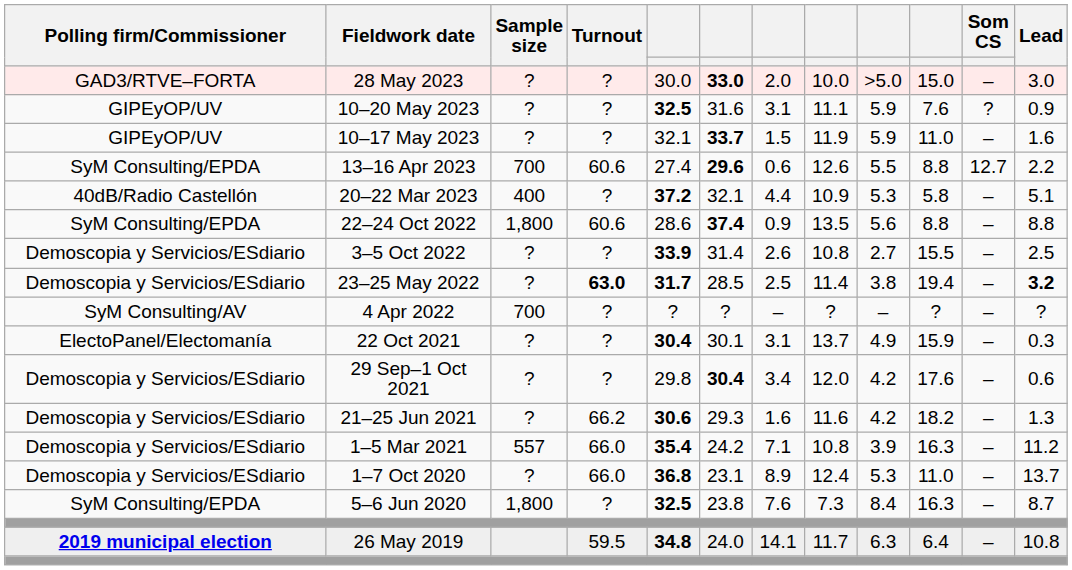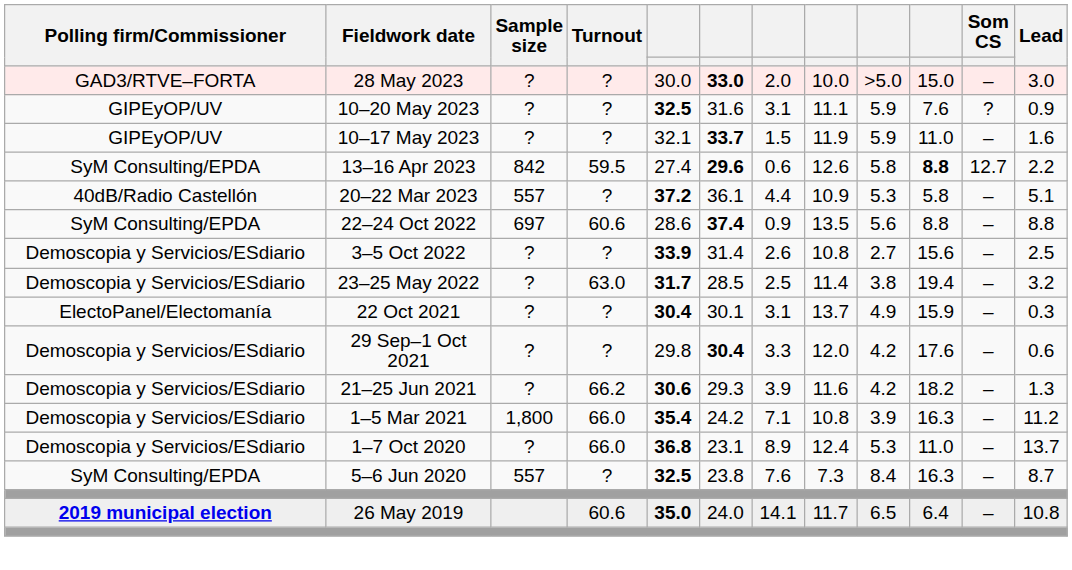 <table class="wikitable collapsible collapsed" style="text-align:center; font-size:95%; line-height:16px;">
 <tr style="height:42px;">
 <th style="width:250px;" rowspan="2">Polling firm/Commissioner</th>
 <th style="width:125px;" rowspan="2">Fieldwork date</th>
 <th style="width:50px;" rowspan="2">Sample size</th>
 <th style="width:45px;" rowspan="2">Turnout</th>
 <th style="width:35px;"></th>
 <th style="width:35px;"></th>
 <th style="width:35px;"></th>
 <th style="width:35px;"></th>
 <th style="width:35px;"></th>
 <th style="width:35px;"></th>
 <th style="width:35px;">Som<br>CS</th>
 <th style="width:30px;" rowspan="2">Lead</th>
 </tr>
 <tr>
 <th style="color:inherit;background:"></th>
 <th style="color:inherit;background:"></th>
 <th style="color:inherit;background:"></th>
 <th style="color:inherit;background:"></th>
 <th style="color:inherit;background:"></th>
 <th style="color:inherit;background:"></th>
 <th style="color:inherit;background:"></th>
 </tr>
 <tr style="background:#FFEAEA;">
 <td>GAD3/RTVE–FORTA</td>
 <td>28 May 2023</td>
 <td>?</td>
 <td>?</td>
 <td>30.0<br></td>
 <td><strong>33.0</strong><br></td>
 <td>2.0<br></td>
 <td>10.0<br></td>
 <td>>5.0<br></td>
 <td>15.0<br></td>
 <td>–</td>
 <td style="background:">3.0</td>
 </tr>
 <tr>
 <td>GIPEyOP/UV</td>
 <td>10–20 May 2023</td>
 <td>?</td>
 <td>?</td>
 <td><strong>32.5</strong><br></td>
 <td>31.6<br></td>
 <td>3.1<br></td>
 <td>11.1<br></td>
 <td>5.9<br></td>
 <td>7.6<br></td>
 <td>?<br></td>
 <td style="background:">0.9</td>
 </tr>
 <tr>
 <td>GIPEyOP/UV</td>
 <td>10–17 May 2023</td>
 <td>?</td>
 <td>?</td>
 <td>32.1<br></td>
 <td><strong>33.7</strong><br></td>
 <td>1.5<br></td>
 <td>11.9<br></td>
 <td>5.9<br></td>
 <td>11.0<br></td>
 <td>–</td>
 <td style="background:">1.6</td>
 </tr>
 <tr>
 <td>SyM Consulting/EPDA</td>
 <td>13–16 Apr 2023</td>
-<td>700</td>
-<td>60.6</td>
+<td>842</td>
+<td>59.5</td>
 <td>27.4<br></td>
 <td><strong>29.6</strong><br></td>
 <td>0.6<br></td>
 <td>12.6<br></td>
-<td>5.5<br></td>
-<td>8.8<br></td>
+<td>5.8<br></td>
+<td><strong>8.8<br></strong></td>
 <td>12.7<br></td>
 <td style="background:">2.2</td>
 </tr>
 <tr>
 <td>40dB/Radio Castellón</td>
 <td>20–22 Mar 2023</td>
-<td>400</td>
+<td>557</td>
 <td>?</td>
 <td><strong>37.2</strong><br></td>
-<td>32.1<br></td>
+<td>36.1<br></td>
 <td>4.4<br></td>
 <td>10.9<br></td>
 <td>5.3<br></td>
 <td>5.8<br></td>
 <td>–</td>
 <td style="background:">5.1</td>
 </tr>
 <tr>
 <td>SyM Consulting/EPDA</td>
 <td>22–24 Oct 2022</td>
-<td>1,800</td>
+<td>697</td>
 <td>60.6</td>
 <td>28.6<br></td>
 <td><strong>37.4</strong><br></td>
 <td>0.9<br></td>
 <td>13.5<br></td>
 <td>5.6<br></td>
 <td>8.8<br></td>
 <td>–</td>
 <td style="background:">8.8</td>
 </tr>
 <tr>
 <td>Demoscopia y Servicios/ESdiario</td>
 <td>3–5 Oct 2022</td>
 <td>?</td>
 <td>?</td>
 <td><strong>33.9</strong><br></td>
 <td>31.4<br></td>
 <td>2.6<br></td>
 <td>10.8<br></td>
 <td>2.7<br></td>
-<td>15.5<br></td>
+<td>15.6<br></td>
 <td>–</td>
 <td style="background:">2.5</td>
 </tr>
 <tr>
 <td>Demoscopia y Servicios/ESdiario</td>
 <td>23–25 May 2022</td>
 <td>?</td>
-<td><strong>63.0</strong></td>
+<td>63.0</td>
 <td><strong>31.7</strong><br></td>
 <td>28.5<br></td>
 <td>2.5<br></td>
 <td>11.4<br></td>
 <td>3.8<br></td>
 <td>19.4<br></td>
 <td>–</td>
-<td style="background:"><strong>3.2</strong></td>
-</tr>
-<tr>
-<td>SyM Consulting/AV</td>
-<td>4 Apr 2022</td>
-<td>700</td>
-<td>?</td>
-<td>?<br></td>
-<td>?<br></td>
-<td>–</td>
-<td>?<br></td>
-<td>–</td>
-<td>?<br></td>
-<td>–</td>
-<td style="background:">?</td>
+<td style="background:">3.2</td>
 </tr>
 <tr>
 <td>ElectoPanel/Electomanía</td>
 <td>22 Oct 2021</td>
 <td>?</td>
 <td>?</td>
 <td><strong>30.4</strong><br></td>
 <td>30.1<br></td>
 <td>3.1<br></td>
 <td>13.7<br></td>
 <td>4.9<br></td>
 <td>15.9<br></td>
 <td>–</td>
 <td style="background:">0.3</td>
 </tr>
 <tr>
 <td>Demoscopia y Servicios/ESdiario</td>
 <td>29 Sep–1 Oct 2021</td>
 <td>?</td>
 <td>?</td>
 <td>29.8<br></td>
 <td><strong>30.4</strong><br></td>
-<td>3.4<br></td>
+<td>3.3<br></td>
 <td>12.0<br></td>
 <td>4.2<br></td>
 <td>17.6<br></td>
 <td>–</td>
 <td style="background:">0.6</td>
 </tr>
 <tr>
 <td>Demoscopia y Servicios/ESdiario</td>
 <td>21–25 Jun 2021</td>
 <td>?</td>
 <td>66.2</td>
 <td><strong>30.6</strong><br></td>
 <td>29.3<br></td>
-<td>1.6<br></td>
+<td>3.9<br></td>
 <td>11.6<br></td>
 <td>4.2<br></td>
 <td>18.2<br></td>
 <td>–</td>
 <td style="background:">1.3</td>
 </tr>
 <tr>
 <td>Demoscopia y Servicios/ESdiario</td>
 <td>1–5 Mar 2021</td>
-<td>557</td>
+<td>1,800</td>
 <td>66.0</td>
 <td><strong>35.4</strong><br></td>
 <td>24.2<br></td>
 <td>7.1<br></td>
 <td>10.8<br></td>
 <td>3.9<br></td>
 <td>16.3<br></td>
 <td>–</td>
 <td style="background:">11.2</td>
 </tr>
 <tr>
 <td>Demoscopia y Servicios/ESdiario</td>
 <td>1–7 Oct 2020</td>
 <td>?</td>
 <td>66.0</td>
 <td><strong>36.8</strong><br></td>
 <td>23.1<br></td>
 <td>8.9<br></td>
 <td>12.4<br></td>
 <td>5.3<br></td>
 <td>11.0<br></td>
 <td>–</td>
 <td style="background:">13.7</td>
 </tr>
 <tr>
 <td>SyM Consulting/EPDA</td>
 <td>5–6 Jun 2020</td>
-<td>1,800</td>
+<td>557</td>
 <td>?</td>
 <td><strong>32.5</strong><br></td>
 <td>23.8<br></td>
 <td>7.6<br></td>
 <td>7.3<br></td>
 <td>8.4<br></td>
 <td>16.3<br></td>
 <td>–</td>
 <td style="background:">8.7</td>
 </tr>
 <tr>
 <td colspan="12" style="background:#A0A0A0"></td>
 </tr>
 <tr style="background:#EFEFEF;">
 <td><strong><a href='#'>2019 municipal election</a></strong></td>
 <td>26 May 2019</td>
 <td></td>
-<td>59.5</td>
-<td><strong>34.8</strong><br></td>
+<td>60.6</td>
+<td><strong>35.0</strong><br></td>
 <td>24.0<br></td>
 <td>14.1<br></td>
 <td>11.7<br></td>
-<td>6.3<br></td>
+<td>6.5<br></td>
 <td>6.4<br></td>
 <td>–</td>
 <td style="background:">10.8</td>
 </tr>
 <tr>
 <td colspan="12" style="background:#A0A0A0"></td>
 </tr>
 </table>
